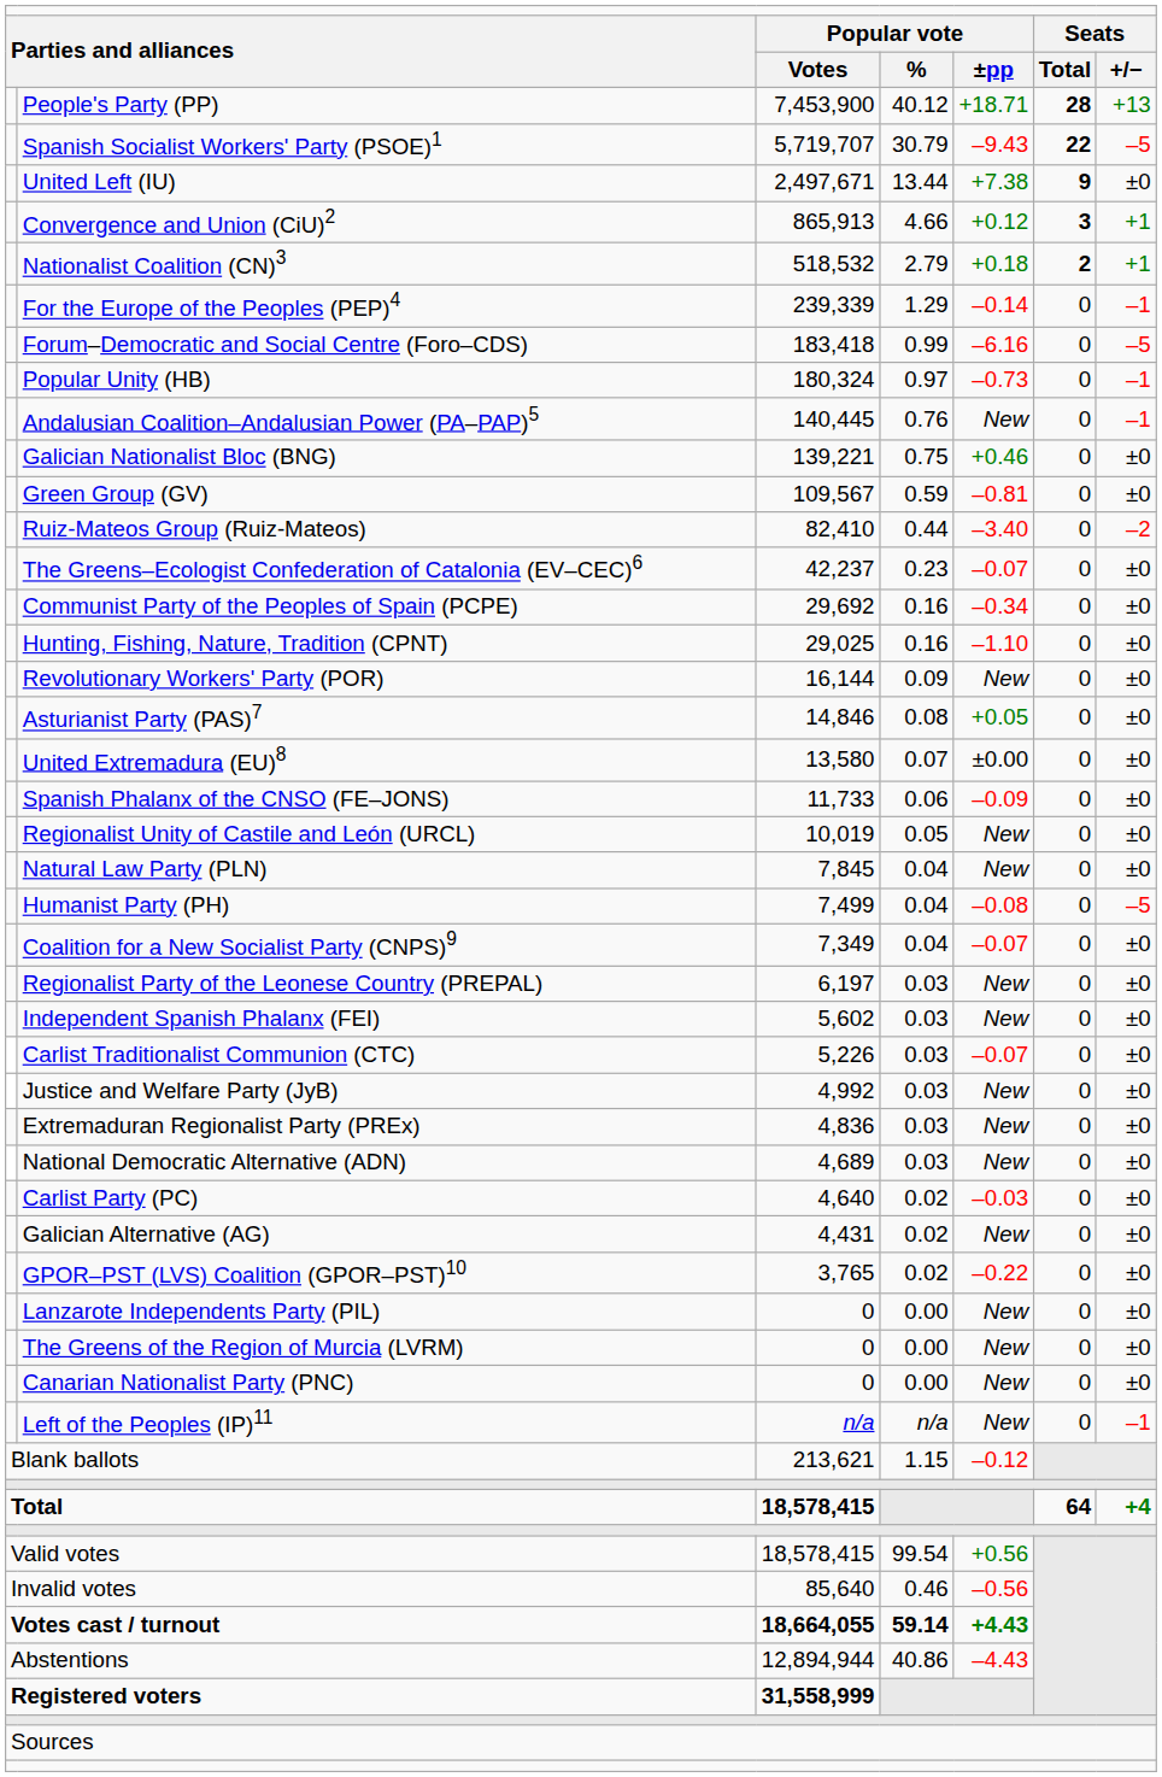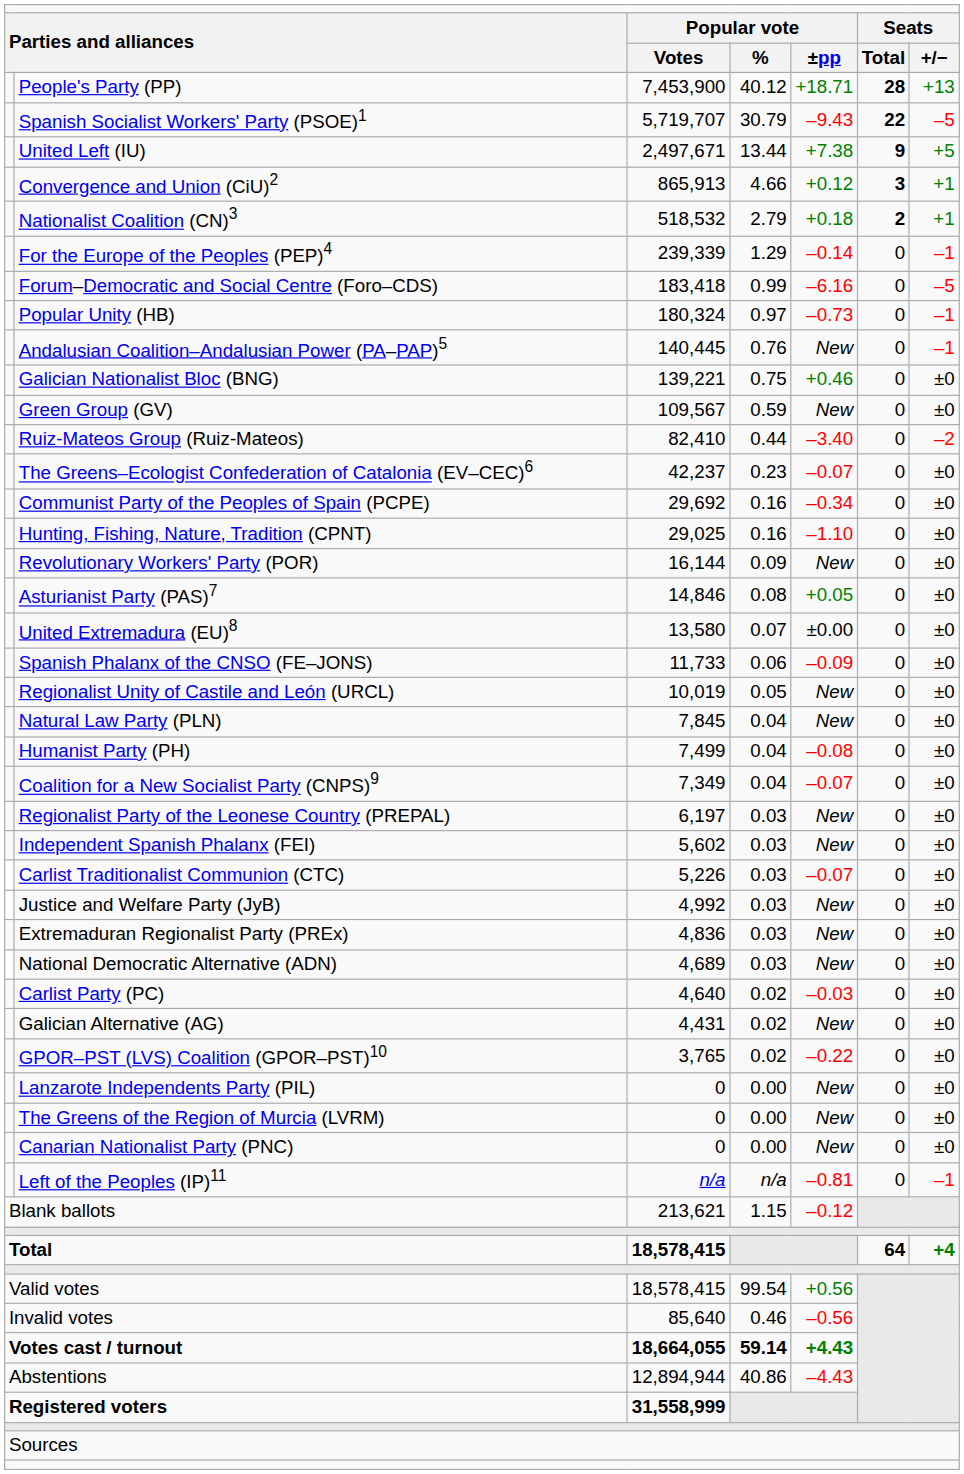 <table class="wikitable" style="text-align:right">
 <tr>
 <td colspan="7"></td>
 </tr>
 <tr>
 <th style="text-align:left;" rowspan="2" colspan="2" width="525">Parties and alliances</th>
 <th colspan="3">Popular vote</th>
 <th colspan="2">Seats</th>
 </tr>
 <tr>
 <th width="75">Votes</th>
 <th width="45">%</th>
 <th width="45">±<a href='#'>pp</a></th>
 <th width="35">Total</th>
 <th width="35">+/−</th>
 </tr>
 <tr>
 <td width="1" style="color:inherit;background:"></td>
 <td align="left"><a href='#'>People's Party</a> (PP)</td>
 <td>7,453,900</td>
 <td>40.12</td>
 <td style="color:green;">+18.71</td>
 <td><strong>28</strong></td>
 <td style="color:green;">+13</td>
 </tr>
 <tr>
 <td style="color:inherit;background:"></td>
 <td align="left"><a href='#'>Spanish Socialist Workers' Party</a> (PSOE)<sup>1</sup></td>
 <td>5,719,707</td>
 <td>30.79</td>
 <td style="color:red;">–9.43</td>
 <td><strong>22</strong></td>
 <td style="color:red;">–5</td>
 </tr>
 <tr>
 <td style="color:inherit;background:"></td>
 <td align="left"><a href='#'>United Left</a> (IU)</td>
 <td>2,497,671</td>
 <td>13.44</td>
 <td style="color:green;">+7.38</td>
 <td><strong>9</strong></td>
-<td>±0</td>
+<td style="color:green;">+5</td>
 </tr>
 <tr>
 <td style="color:inherit;background:"></td>
 <td align="left"><a href='#'>Convergence and Union</a> (CiU)<sup>2</sup></td>
 <td>865,913</td>
 <td>4.66</td>
 <td style="color:green;">+0.12</td>
 <td><strong>3</strong></td>
 <td style="color:green;">+1</td>
 </tr>
 <tr>
 <td style="color:inherit;background:"></td>
 <td align="left"><a href='#'>Nationalist Coalition</a> (CN)<sup>3</sup></td>
 <td>518,532</td>
 <td>2.79</td>
 <td style="color:green;">+0.18</td>
 <td><strong>2</strong></td>
 <td style="color:green;">+1</td>
 </tr>
 <tr>
 <td style="color:inherit;background:"></td>
 <td align="left"><a href='#'>For the Europe of the Peoples</a> (PEP)<sup>4</sup></td>
 <td>239,339</td>
 <td>1.29</td>
 <td style="color:red;">–0.14</td>
 <td>0</td>
 <td style="color:red;">–1</td>
 </tr>
 <tr>
 <td style="color:inherit;background:"></td>
 <td align="left"><a href='#'>Forum</a>–<a href='#'>Democratic and Social Centre</a> (Foro–CDS)</td>
 <td>183,418</td>
 <td>0.99</td>
 <td style="color:red;">–6.16</td>
 <td>0</td>
 <td style="color:red;">–5</td>
 </tr>
 <tr>
 <td style="color:inherit;background:"></td>
 <td align="left"><a href='#'>Popular Unity</a> (HB)</td>
 <td>180,324</td>
 <td>0.97</td>
 <td style="color:red;">–0.73</td>
 <td>0</td>
 <td style="color:red;">–1</td>
 </tr>
 <tr>
 <td style="color:inherit;background:"></td>
 <td align="left"><a href='#'>Andalusian Coalition–Andalusian Power</a> (<a href='#'>PA</a>–<a href='#'>PAP</a>)<sup>5</sup></td>
 <td>140,445</td>
 <td>0.76</td>
 <td><em>New</em></td>
 <td>0</td>
 <td style="color:red;">–1</td>
 </tr>
 <tr>
 <td style="color:inherit;background:"></td>
 <td align="left"><a href='#'>Galician Nationalist Bloc</a> (BNG)</td>
 <td>139,221</td>
 <td>0.75</td>
 <td style="color:green;">+0.46</td>
 <td>0</td>
 <td>±0</td>
 </tr>
 <tr>
 <td style="color:inherit;background:"></td>
 <td align="left"><a href='#'>Green Group</a> (GV)</td>
 <td>109,567</td>
 <td>0.59</td>
-<td style="color:red;">–0.81</td>
+<td><em>New</em></td>
 <td>0</td>
 <td>±0</td>
 </tr>
 <tr>
 <td style="color:inherit;background:"></td>
 <td align="left"><a href='#'>Ruiz-Mateos Group</a> (Ruiz-Mateos)</td>
 <td>82,410</td>
 <td>0.44</td>
 <td style="color:red;">–3.40</td>
 <td>0</td>
 <td style="color:red;">–2</td>
 </tr>
 <tr>
 <td style="color:inherit;background:"></td>
 <td align="left"><a href='#'>The Greens–Ecologist Confederation of Catalonia</a> (EV–CEC)<sup>6</sup></td>
 <td>42,237</td>
 <td>0.23</td>
 <td style="color:red;">–0.07</td>
 <td>0</td>
 <td>±0</td>
 </tr>
 <tr>
 <td style="color:inherit;background:"></td>
 <td align="left"><a href='#'>Communist Party of the Peoples of Spain</a> (PCPE)</td>
 <td>29,692</td>
 <td>0.16</td>
 <td style="color:red;">–0.34</td>
 <td>0</td>
 <td>±0</td>
 </tr>
 <tr>
 <td style="color:inherit;background:"></td>
 <td align="left"><a href='#'>Hunting, Fishing, Nature, Tradition</a> (CPNT)</td>
 <td>29,025</td>
 <td>0.16</td>
 <td style="color:red;">–1.10</td>
 <td>0</td>
 <td>±0</td>
 </tr>
 <tr>
 <td style="color:inherit;background:"></td>
 <td align="left"><a href='#'>Revolutionary Workers' Party</a> (POR)</td>
 <td>16,144</td>
 <td>0.09</td>
 <td><em>New</em></td>
 <td>0</td>
 <td>±0</td>
 </tr>
 <tr>
 <td style="color:inherit;background:"></td>
 <td align="left"><a href='#'>Asturianist Party</a> (PAS)<sup>7</sup></td>
 <td>14,846</td>
 <td>0.08</td>
 <td style="color:green;">+0.05</td>
 <td>0</td>
 <td>±0</td>
 </tr>
 <tr>
 <td style="color:inherit;background:"></td>
 <td align="left"><a href='#'>United Extremadura</a> (EU)<sup>8</sup></td>
 <td>13,580</td>
 <td>0.07</td>
 <td>±0.00</td>
 <td>0</td>
 <td>±0</td>
 </tr>
 <tr>
 <td style="color:inherit;background:"></td>
 <td align="left"><a href='#'>Spanish Phalanx of the CNSO</a> (FE–JONS)</td>
 <td>11,733</td>
 <td>0.06</td>
 <td style="color:red;">–0.09</td>
 <td>0</td>
 <td>±0</td>
 </tr>
 <tr>
 <td style="color:inherit;background:"></td>
 <td align="left"><a href='#'>Regionalist Unity of Castile and León</a> (URCL)</td>
 <td>10,019</td>
 <td>0.05</td>
 <td><em>New</em></td>
 <td>0</td>
 <td>±0</td>
 </tr>
 <tr>
 <td style="color:inherit;background:"></td>
 <td align="left"><a href='#'>Natural Law Party</a> (PLN)</td>
 <td>7,845</td>
 <td>0.04</td>
 <td><em>New</em></td>
 <td>0</td>
 <td>±0</td>
 </tr>
 <tr>
 <td style="color:inherit;background:"></td>
 <td align="left"><a href='#'>Humanist Party</a> (PH)</td>
 <td>7,499</td>
 <td>0.04</td>
 <td style="color:red;">–0.08</td>
 <td>0</td>
-<td style="color:red;">–5</td>
+<td>±0</td>
 </tr>
 <tr>
 <td style="color:inherit;background:"></td>
 <td align="left"><a href='#'>Coalition for a New Socialist Party</a> (CNPS)<sup>9</sup></td>
 <td>7,349</td>
 <td>0.04</td>
 <td style="color:red;">–0.07</td>
 <td>0</td>
 <td>±0</td>
 </tr>
 <tr>
 <td style="color:inherit;background:"></td>
 <td align="left"><a href='#'>Regionalist Party of the Leonese Country</a> (PREPAL)</td>
 <td>6,197</td>
 <td>0.03</td>
 <td><em>New</em></td>
 <td>0</td>
 <td>±0</td>
 </tr>
 <tr>
 <td style="color:inherit;background:"></td>
 <td align="left"><a href='#'>Independent Spanish Phalanx</a> (FEI)</td>
 <td>5,602</td>
 <td>0.03</td>
 <td><em>New</em></td>
 <td>0</td>
 <td>±0</td>
 </tr>
 <tr>
 <td bgcolor="white"></td>
 <td align="left"><a href='#'>Carlist Traditionalist Communion</a> (CTC)</td>
 <td>5,226</td>
 <td>0.03</td>
 <td style="color:red;">–0.07</td>
 <td>0</td>
 <td>±0</td>
 </tr>
 <tr>
 <td bgcolor="white"></td>
 <td align="left">Justice and Welfare Party (JyB)</td>
 <td>4,992</td>
 <td>0.03</td>
 <td><em>New</em></td>
 <td>0</td>
 <td>±0</td>
 </tr>
 <tr>
 <td style="color:inherit;background:"></td>
 <td align="left">Extremaduran Regionalist Party (PREx)</td>
 <td>4,836</td>
 <td>0.03</td>
 <td><em>New</em></td>
 <td>0</td>
 <td>±0</td>
 </tr>
 <tr>
 <td bgcolor="white"></td>
 <td align="left">National Democratic Alternative (ADN)</td>
 <td>4,689</td>
 <td>0.03</td>
 <td><em>New</em></td>
 <td>0</td>
 <td>±0</td>
 </tr>
 <tr>
 <td style="color:inherit;background:"></td>
 <td align="left"><a href='#'>Carlist Party</a> (PC)</td>
 <td>4,640</td>
 <td>0.02</td>
 <td style="color:red;">–0.03</td>
 <td>0</td>
 <td>±0</td>
 </tr>
 <tr>
 <td style="color:inherit;background:"></td>
 <td align="left">Galician Alternative (AG)</td>
 <td>4,431</td>
 <td>0.02</td>
 <td><em>New</em></td>
 <td>0</td>
 <td>±0</td>
 </tr>
 <tr>
 <td style="color:inherit;background:"></td>
 <td align="left"><a href='#'>GPOR–PST (LVS) Coalition</a> (GPOR–PST)<sup>10</sup></td>
 <td>3,765</td>
 <td>0.02</td>
 <td style="color:red;">–0.22</td>
 <td>0</td>
 <td>±0</td>
 </tr>
 <tr>
 <td style="color:inherit;background:"></td>
 <td align="left"><a href='#'>Lanzarote Independents Party</a> (PIL)</td>
 <td>0</td>
 <td>0.00</td>
 <td><em>New</em></td>
 <td>0</td>
 <td>±0</td>
 </tr>
 <tr>
 <td style="color:inherit;background:"></td>
 <td align="left"><a href='#'>The Greens of the Region of Murcia</a> (LVRM)</td>
 <td>0</td>
 <td>0.00</td>
 <td><em>New</em></td>
 <td>0</td>
 <td>±0</td>
 </tr>
 <tr>
 <td style="color:inherit;background:"></td>
 <td align="left"><a href='#'>Canarian Nationalist Party</a> (PNC)</td>
 <td>0</td>
 <td>0.00</td>
 <td><em>New</em></td>
 <td>0</td>
 <td>±0</td>
 </tr>
 <tr>
 <td style="color:inherit;background:"></td>
 <td align="left"><a href='#'>Left of the Peoples</a> (IP)<sup>11</sup></td>
 <td><em><a href='#'>n/a</a></em></td>
 <td><em>n/a</em></td>
-<td><em>New</em></td>
+<td style="color:red;">–0.81</td>
 <td>0</td>
 <td style="color:red;">–1</td>
 </tr>
 <tr>
 <td align="left" colspan="2">Blank ballots</td>
 <td>213,621</td>
 <td>1.15</td>
 <td style="color:red;">–0.12</td>
 <td bgcolor="#E9E9E9" colspan="2"></td>
 </tr>
 <tr>
 <td colspan="7" bgcolor="#E9E9E9"></td>
 </tr>
 <tr style="font-weight:bold;">
 <td align="left" colspan="2">Total</td>
 <td>18,578,415</td>
 <td bgcolor="#E9E9E9" colspan="2"></td>
 <td>64</td>
 <td style="color:green;">+4</td>
 </tr>
 <tr>
 <td colspan="7" bgcolor="#E9E9E9"></td>
 </tr>
 <tr>
 <td align="left" colspan="2">Valid votes</td>
 <td>18,578,415</td>
 <td>99.54</td>
 <td style="color:green;">+0.56</td>
 <td bgcolor="#E9E9E9" colspan="2" rowspan="5"></td>
 </tr>
 <tr>
 <td align="left" colspan="2">Invalid votes</td>
 <td>85,640</td>
 <td>0.46</td>
 <td style="color:red;">–0.56</td>
 </tr>
 <tr style="font-weight:bold;">
 <td align="left" colspan="2">Votes cast / turnout</td>
 <td>18,664,055</td>
 <td>59.14</td>
 <td style="color:green;">+4.43</td>
 </tr>
 <tr>
 <td align="left" colspan="2">Abstentions</td>
 <td>12,894,944</td>
 <td>40.86</td>
 <td style="color:red;">–4.43</td>
 </tr>
 <tr style="font-weight:bold;">
 <td align="left" colspan="2">Registered voters</td>
 <td>31,558,999</td>
 <td bgcolor="#E9E9E9" colspan="2"></td>
 </tr>
 <tr>
 <td colspan="7" bgcolor="#E9E9E9"></td>
 </tr>
 <tr>
 <td align="left" colspan="7">Sources</td>
 </tr>
 <tr>
 <td colspan="7" style="text-align:left; max-width:790px;"></td>
 </tr>
 </table>
